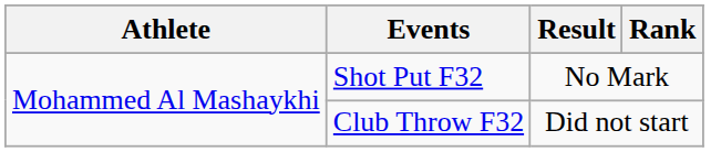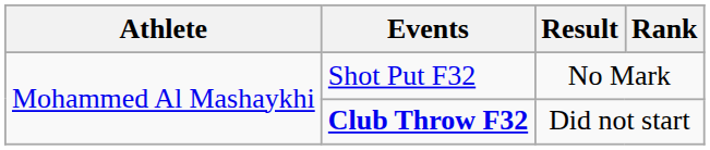 <table class=wikitable style="font-size:90%">
 <tr align=center>
 <th>Athlete</th>
 <th>Events</th>
 <th>Result</th>
 <th>Rank</th>
 </tr>
 <tr align=center>
 <td align=left rowspan=2><a href='#'>Mohammed Al Mashaykhi</a></td>
 <td align=left><a href='#'>Shot Put F32</a></td>
 <td colspan=2>No Mark</td>
 </tr>
 <tr align=center>
-<td align=left><a href='#'>Club Throw F32</a></td>
+<td align=left><strong><a href='#'>Club Throw F32</a></strong></td>
 <td colspan=2>Did not start</td>
 </tr>
 </table>
